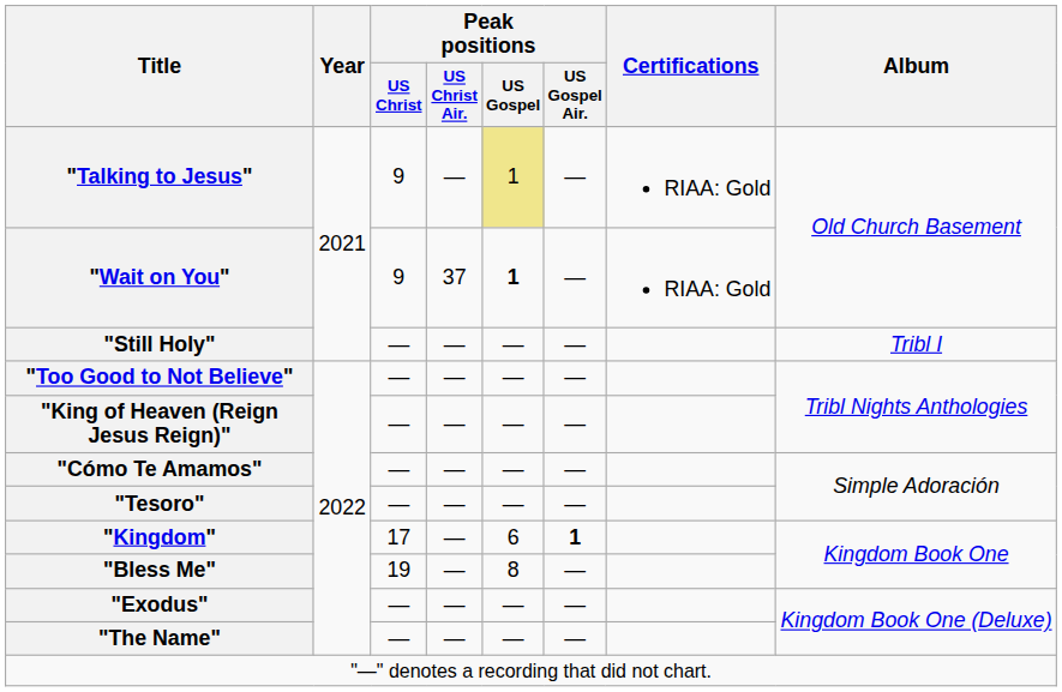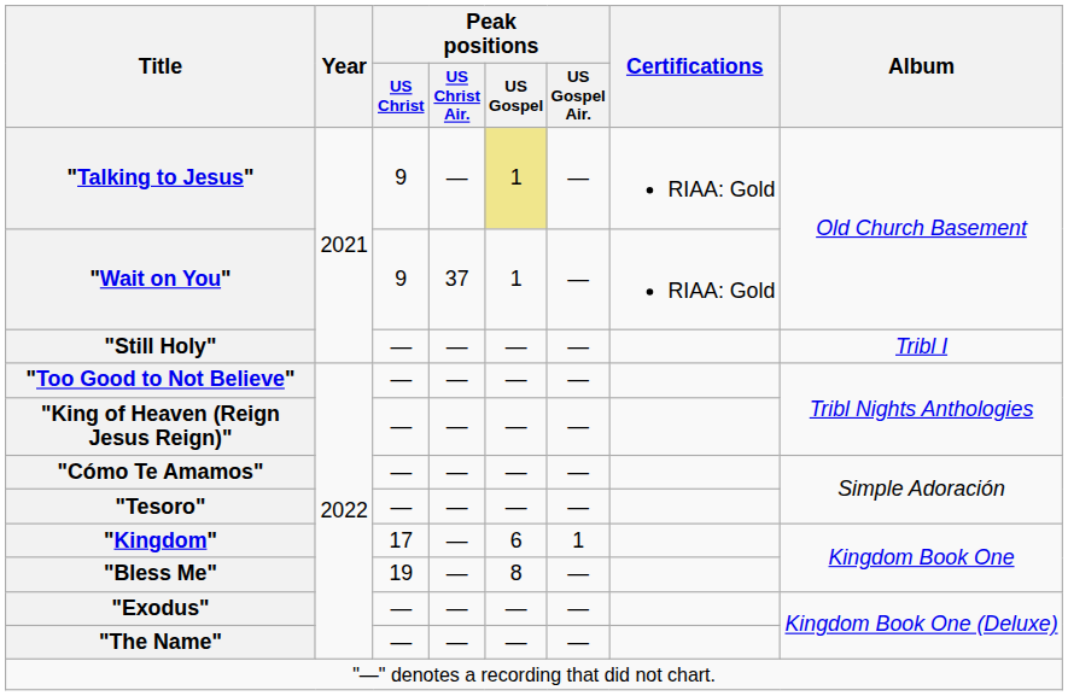 <table class="wikitable plainrowheaders" style="text-align:center;">
 <tr>
 <th rowspan="2" style="width:14em;">Title</th>
 <th rowspan="2">Year</th>
 <th colspan="4">Peak<br>positions</th>
 <th rowspan="2"><a href='#'>Certifications</a></th>
 <th rowspan="2">Album</th>
 </tr>
 <tr style="font-size:smaller;">
 <th scope="col" style="width:3em;font-size:90%;"><a href='#'>US<br>Christ</a><br></th>
 <th scope="col" style="width:3em;font-size:90%;"><a href='#'>US<br>Christ Air.</a><br></th>
 <th scope="col" style="width:3em;font-size:90%;">US<br>Gospel<br></th>
 <th scope="col" style="width:3em;font-size:90%;">US<br>Gospel Air.<br></th>
 </tr>
 <tr>
 <th scope="row">"<a href='#'>Talking to Jesus</a>"<br></th>
 <td rowspan="3">2021</td>
 <td>9</td>
 <td>—</td>
 <td style="background: khaki;">1</td>
 <td>—</td>
 <td><br><ul><li>RIAA: Gold</li></ul></td>
 <td rowspan="2"><em><a href='#'>Old Church Basement</a></em></td>
 </tr>
 <tr>
 <th scope="row">"<a href='#'>Wait on You</a>"<br></th>
 <td>9</td>
 <td>37</td>
-<td><strong>1</strong></td>
+<td>1</td>
 <td>—</td>
 <td><br><ul><li>RIAA: Gold</li></ul></td>
 </tr>
 <tr>
 <th scope="row">"Still Holy"<br></th>
 <td>—</td>
 <td>—</td>
 <td>—</td>
 <td>—</td>
 <td></td>
 <td><em><a href='#'>Tribl I</a></em></td>
 </tr>
 <tr>
 <th scope="row">"<a href='#'>Too Good to Not Believe</a>" <br></th>
 <td rowspan="8">2022</td>
 <td>—</td>
 <td>—</td>
 <td>—</td>
 <td>—</td>
 <td></td>
 <td rowspan="2"><em><a href='#'>Tribl Nights Anthologies</a></em></td>
 </tr>
 <tr>
 <th scope="row">"King of Heaven (Reign Jesus Reign)" <br></th>
 <td>—</td>
 <td>—</td>
 <td>—</td>
 <td>—</td>
 <td></td>
 </tr>
 <tr>
 <th scope="row">"Cómo Te Amamos" <br></th>
 <td>—</td>
 <td>—</td>
 <td>—</td>
 <td>—</td>
 <td></td>
 <td rowspan="2"><em>Simple Adoración</em></td>
 </tr>
 <tr>
 <th scope="row">"Tesoro" <br></th>
 <td>—</td>
 <td>—</td>
 <td>—</td>
 <td>—</td>
 <td></td>
 </tr>
 <tr>
 <th scope="row">"<a href='#'>Kingdom</a>" <br></th>
 <td>17</td>
 <td>—</td>
 <td>6</td>
-<td><strong>1</strong></td>
+<td>1</td>
 <td></td>
 <td rowspan="2"><em><a href='#'>Kingdom Book One</a></em></td>
 </tr>
 <tr>
 <th scope="row">"Bless Me" <br></th>
 <td>19</td>
 <td>—</td>
 <td>8</td>
 <td>—</td>
 <td></td>
 </tr>
 <tr>
 <th scope="row">"Exodus" <br></th>
 <td>—</td>
 <td>—</td>
 <td>—</td>
 <td>—</td>
 <td></td>
 <td rowspan="2"><em><a href='#'>Kingdom Book One (Deluxe)</a></em></td>
 </tr>
 <tr>
 <th scope="row">"The Name" <br></th>
 <td>—</td>
 <td>—</td>
 <td>—</td>
 <td>—</td>
 <td></td>
 </tr>
 <tr>
 <td colspan="8" style="font-size:90%">"—" denotes a recording that did not chart.</td>
 </tr>
 </table>
